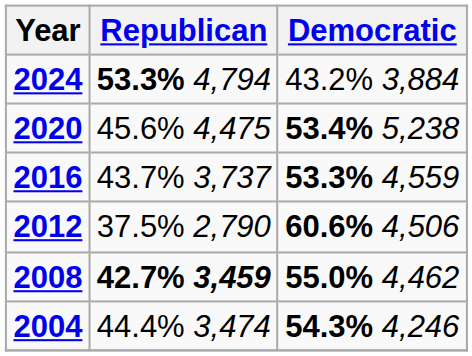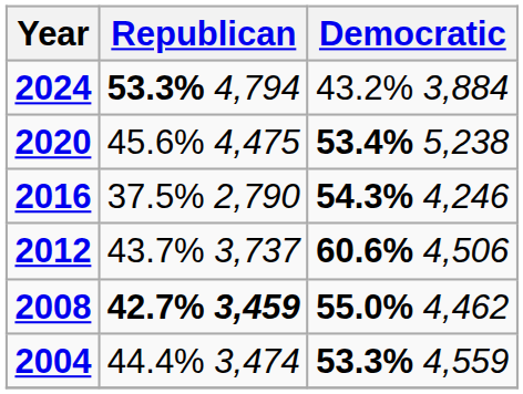 <table class="wikitable" style="float:right; margin: 1em 1em 1em 0; font-size: 95%;">
 <tr>
 <th>Year</th>
 <th><a href='#'>Republican</a></th>
 <th><a href='#'>Democratic</a></th>
 </tr>
 <tr>
 <td style="text-align:center; "><strong><a href='#'>2024</a></strong></td>
 <td style="text-align:center; "><strong>53.3%</strong> <em>4,794</em></td>
 <td style="text-align:center; ">43.2% <em>3,884</em></td>
 </tr>
 <tr>
 <td style="text-align:center; "><strong><a href='#'>2020</a></strong></td>
 <td style="text-align:center; ">45.6% <em>4,475</em></td>
 <td style="text-align:center; "><strong>53.4%</strong>  <em>5,238</em></td>
 </tr>
 <tr>
 <td style="text-align:center; "><strong><a href='#'>2016</a></strong></td>
-<td style="text-align:center; ">43.7% <em>3,737</em></td>
-<td style="text-align:center; "><strong>53.3%</strong>  <em>4,559</em></td>
+<td style="text-align:center; ">37.5% <em>2,790</em></td>
+<td style="text-align:center; "><strong>54.3%</strong> <em>4,246</em></td>
 </tr>
 <tr>
 <td style="text-align:center; "><strong><a href='#'>2012</a></strong></td>
-<td style="text-align:center; ">37.5% <em>2,790</em></td>
+<td style="text-align:center; ">43.7% <em>3,737</em></td>
 <td style="text-align:center; "><strong>60.6%</strong>  <em>4,506</em></td>
 </tr>
 <tr>
 <td style="text-align:center; "><strong><a href='#'>2008</a></strong></td>
 <td style="text-align:center; "><strong>42.7% <em>3,459</em></strong></td>
 <td style="text-align:center; "><strong>55.0%</strong>  <em>4,462</em></td>
 </tr>
 <tr>
 <td style="text-align:center; "><strong><a href='#'>2004</a></strong></td>
 <td style="text-align:center; ">44.4% <em>3,474</em></td>
-<td style="text-align:center; "><strong>54.3%</strong> <em>4,246</em></td>
+<td style="text-align:center; "><strong>53.3%</strong>  <em>4,559</em></td>
 </tr>
 <tr>
 </tr>
 </table>
